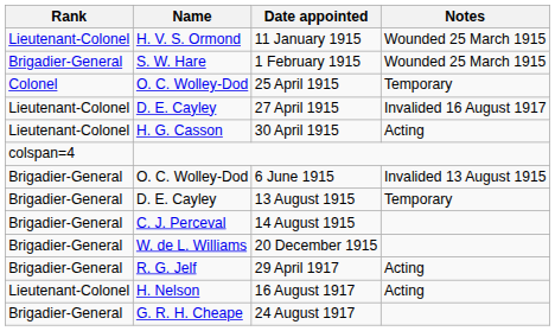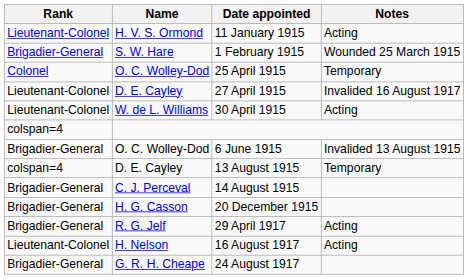 <table class="wikitable"width=>
 <tr>
 <th style=>Rank</th>
 <th style=>Name</th>
 <th style=>Date appointed</th>
 <th style=>Notes</th>
 </tr>
 <tr>
 <td><a href='#'>Lieutenant-Colonel</a></td>
 <td><a href='#'>H. V. S. Ormond</a></td>
 <td>11 January 1915</td>
-<td>Wounded 25 March 1915</td>
+<td>Acting</td>
 </tr>
 <tr>
 <td><a href='#'>Brigadier-General</a></td>
 <td><a href='#'>S. W. Hare</a></td>
 <td>1 February 1915</td>
 <td>Wounded 25 March 1915</td>
 </tr>
 <tr>
 <td><a href='#'>Colonel</a></td>
 <td><a href='#'>O. C. Wolley-Dod</a></td>
 <td>25 April 1915</td>
 <td>Temporary</td>
 </tr>
 <tr>
 <td>Lieutenant-Colonel</td>
 <td><a href='#'>D. E. Cayley</a></td>
 <td>27 April 1915</td>
 <td>Invalided 16 August 1917</td>
 </tr>
 <tr>
 <td>Lieutenant-Colonel</td>
-<td><a href='#'>H. G. Casson</a></td>
+<td><a href='#'>W. de L. Williams</a></td>
 <td>30 April 1915</td>
 <td>Acting</td>
 </tr>
 <tr>
 <td>colspan=4 </td>
 </tr>
 <tr>
 <td>Brigadier-General</td>
 <td>O. C. Wolley-Dod</td>
 <td>6 June 1915</td>
 <td>Invalided 13 August 1915</td>
 </tr>
 <tr>
-<td>Brigadier-General</td>
+<td>colspan=4 </td>
 <td>D. E. Cayley</td>
 <td>13 August 1915</td>
 <td>Temporary</td>
 </tr>
 <tr>
 <td>Brigadier-General</td>
 <td><a href='#'>C. J. Perceval</a></td>
 <td>14 August 1915</td>
 <td></td>
 </tr>
 <tr>
 <td>Brigadier-General</td>
-<td><a href='#'>W. de L. Williams</a></td>
+<td><a href='#'>H. G. Casson</a></td>
 <td>20 December 1915</td>
 <td></td>
 </tr>
 <tr>
 <td>Brigadier-General</td>
 <td><a href='#'>R. G. Jelf</a></td>
 <td>29 April 1917</td>
 <td>Acting</td>
 </tr>
 <tr>
 <td>Lieutenant-Colonel</td>
 <td><a href='#'>H. Nelson</a></td>
 <td>16 August 1917</td>
 <td>Acting</td>
 </tr>
 <tr>
 <td>Brigadier-General</td>
 <td><a href='#'>G. R. H. Cheape</a></td>
 <td>24 August 1917</td>
 <td></td>
 </tr>
 </table>
